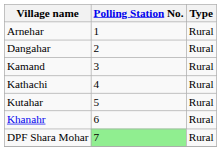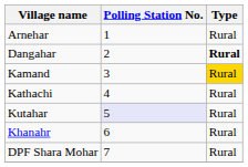 <table class="wikitable">
 <tr>
 <th>Village name</th>
 <th><a href='#'>Polling Station</a> No.</th>
 <th>Type</th>
 </tr>
 <tr>
 <td>Arnehar</td>
 <td>1</td>
 <td>Rural</td>
 </tr>
 <tr>
 <td>Dangahar</td>
 <td>2</td>
-<td>Rural</td>
+<td><strong>Rural</strong></td>
 </tr>
 <tr>
 <td>Kamand</td>
 <td>3</td>
-<td>Rural</td>
+<td style="background: gold;">Rural</td>
 </tr>
 <tr>
 <td>Kathachi</td>
 <td>4</td>
 <td>Rural</td>
 </tr>
 <tr>
 <td>Kutahar</td>
-<td>5</td>
+<td style="background: lavender;">5</td>
 <td>Rural</td>
 </tr>
 <tr>
 <td><a href='#'>Khanahr</a></td>
 <td>6</td>
 <td>Rural</td>
 </tr>
 <tr>
 <td>DPF Shara Mohar</td>
-<td style="background: lightgreen;">7</td>
+<td>7</td>
 <td>Rural</td>
 </tr>
 <tr>
 </tr>
 </table>
